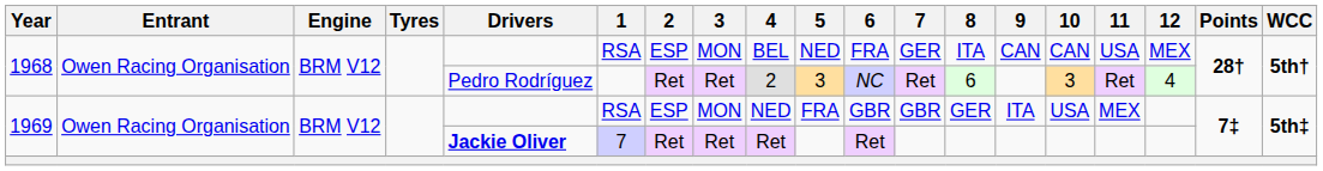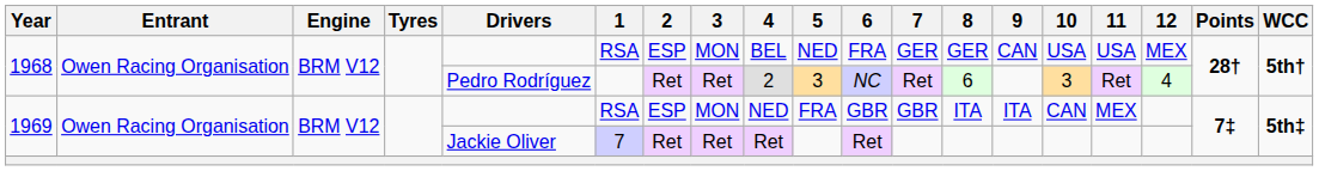 <table class="wikitable" style="text-align:center; font-size:95%">
 <tr>
 <th>Year</th>
 <th>Entrant</th>
 <th>Engine</th>
 <th>Tyres</th>
 <th>Drivers</th>
 <th>1</th>
 <th>2</th>
 <th>3</th>
 <th>4</th>
 <th>5</th>
 <th>6</th>
 <th>7</th>
 <th>8</th>
 <th>9</th>
 <th>10</th>
 <th>11</th>
 <th>12</th>
 <th>Points</th>
 <th>WCC</th>
 </tr>
 <tr>
 <td rowspan="2"><a href='#'>1968</a></td>
 <td rowspan="2"><a href='#'>Owen Racing Organisation</a></td>
 <td rowspan="2"><a href='#'>BRM</a> <a href='#'>V12</a></td>
 <td rowspan="2"></td>
 <td></td>
 <td><a href='#'>RSA</a></td>
 <td><a href='#'>ESP</a></td>
 <td><a href='#'>MON</a></td>
 <td><a href='#'>BEL</a></td>
 <td><a href='#'>NED</a></td>
 <td><a href='#'>FRA</a></td>
 <td><a href='#'>GER</a></td>
-<td><a href='#'>ITA</a></td>
+<td><a href='#'>GER</a></td>
 <td><a href='#'>CAN</a></td>
-<td><a href='#'>CAN</a></td>
+<td><a href='#'>USA</a></td>
 <td><a href='#'>USA</a></td>
 <td><a href='#'>MEX</a></td>
 <td rowspan="2"><strong>28†</strong></td>
 <td rowspan="2"><strong>5th†</strong></td>
 </tr>
 <tr>
 <td align="left"><a href='#'>Pedro Rodríguez</a></td>
 <td></td>
 <td style="background:#EFCFFF;">Ret</td>
 <td style="background:#EFCFFF;">Ret</td>
 <td style="background:#DFDFDF;">2</td>
 <td style="background:#FFDF9F;">3</td>
 <td style="background:#CFCFFF;"><em>NC</em></td>
 <td style="background:#EFCFFF;">Ret</td>
 <td style="background:#DFFFDF;">6</td>
 <td></td>
 <td style="background:#FFDF9F;">3</td>
 <td style="background:#EFCFFF;">Ret</td>
 <td style="background:#DFFFDF;">4</td>
 </tr>
 <tr>
 <td rowspan="2"><a href='#'>1969</a></td>
 <td rowspan="2"><a href='#'>Owen Racing Organisation</a></td>
 <td rowspan="2"><a href='#'>BRM</a> <a href='#'>V12</a></td>
 <td rowspan="2"></td>
 <td></td>
 <td><a href='#'>RSA</a></td>
 <td><a href='#'>ESP</a></td>
 <td><a href='#'>MON</a></td>
 <td><a href='#'>NED</a></td>
 <td><a href='#'>FRA</a></td>
 <td><a href='#'>GBR</a></td>
 <td><a href='#'>GBR</a></td>
-<td><a href='#'>GER</a></td>
 <td><a href='#'>ITA</a></td>
-<td><a href='#'>USA</a></td>
+<td><a href='#'>ITA</a></td>
+<td><a href='#'>CAN</a></td>
 <td><a href='#'>MEX</a></td>
 <td></td>
 <td rowspan="2"><strong>7‡</strong></td>
 <td rowspan="2"><strong>5th‡</strong></td>
 </tr>
 <tr>
-<td align="left"><strong><a href='#'>Jackie Oliver</a></strong></td>
+<td align="left"><a href='#'>Jackie Oliver</a></td>
 <td style="background:#CFCFFF;">7</td>
 <td style="background:#EFCFFF;">Ret</td>
 <td style="background:#EFCFFF;">Ret</td>
 <td style="background:#EFCFFF;">Ret</td>
 <td></td>
 <td style="background:#EFCFFF;">Ret</td>
 <td></td>
 <td></td>
 <td></td>
 <td></td>
 <td></td>
 <td></td>
 </tr>
 <tr>
 <th colspan="19"></th>
 </tr>
 </table>
